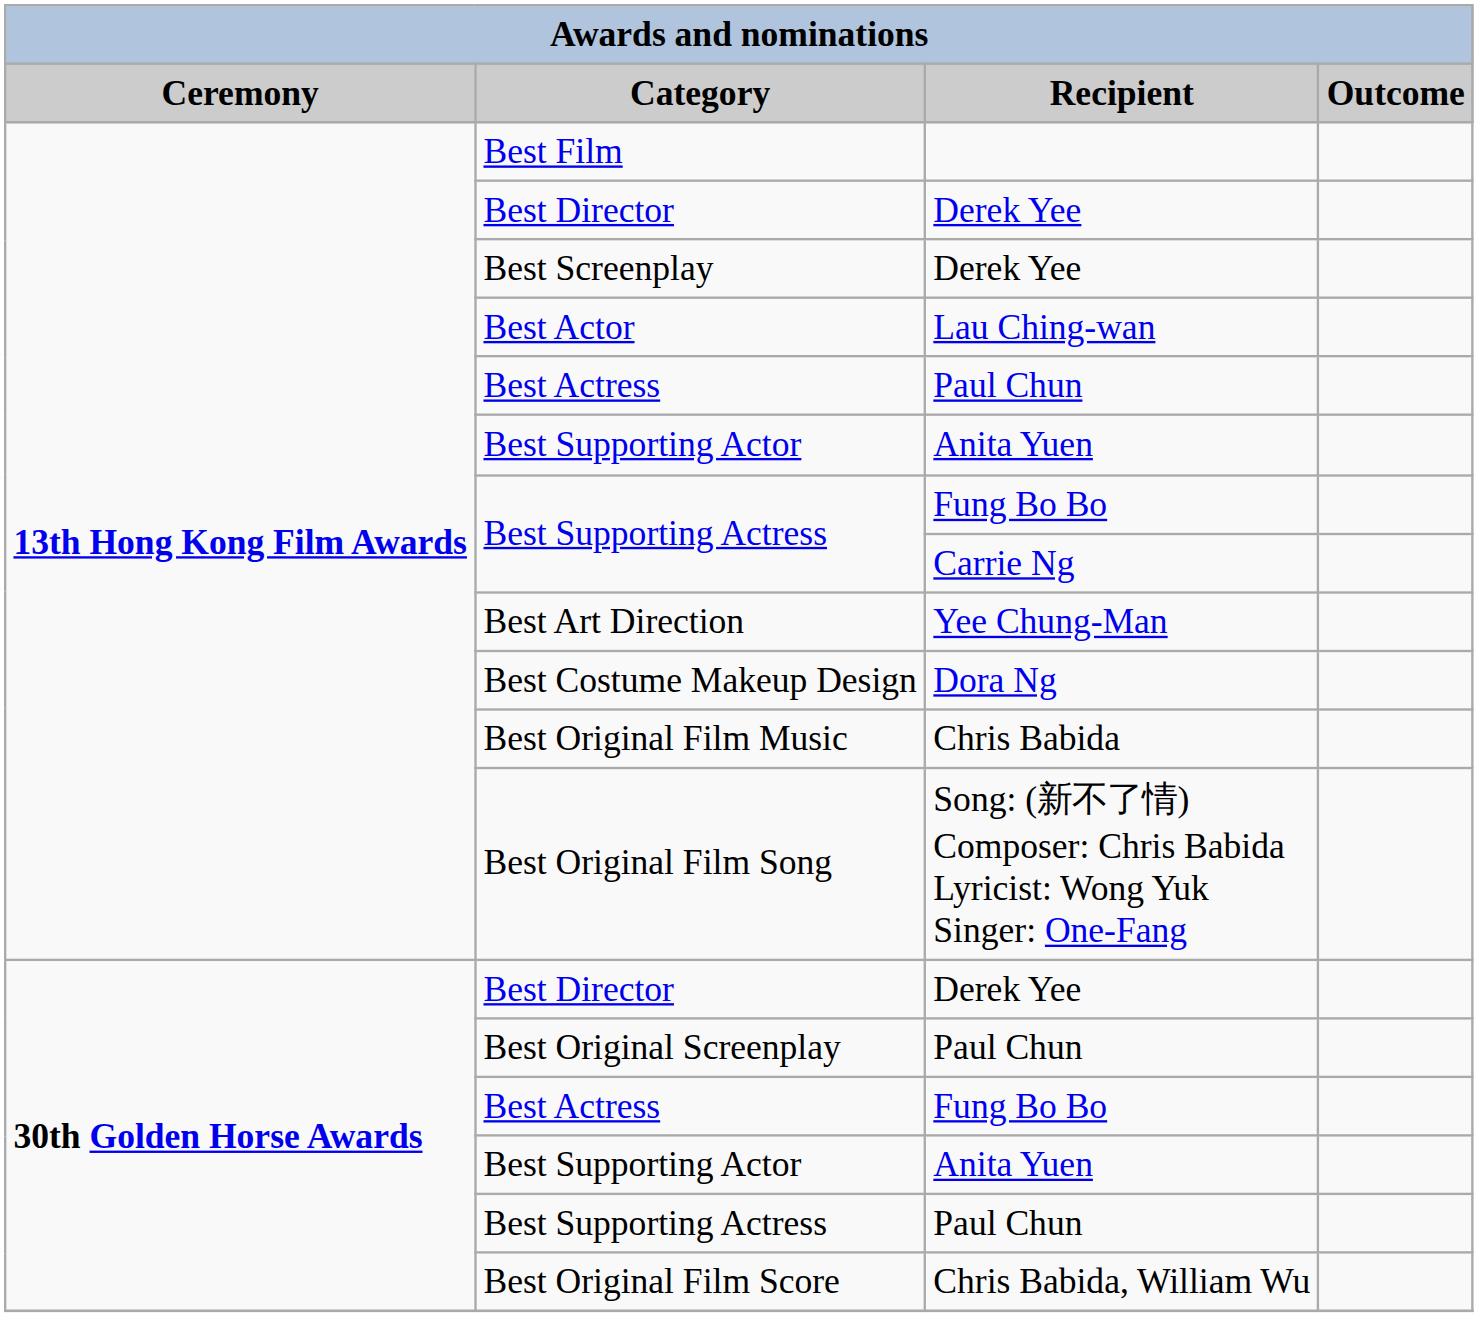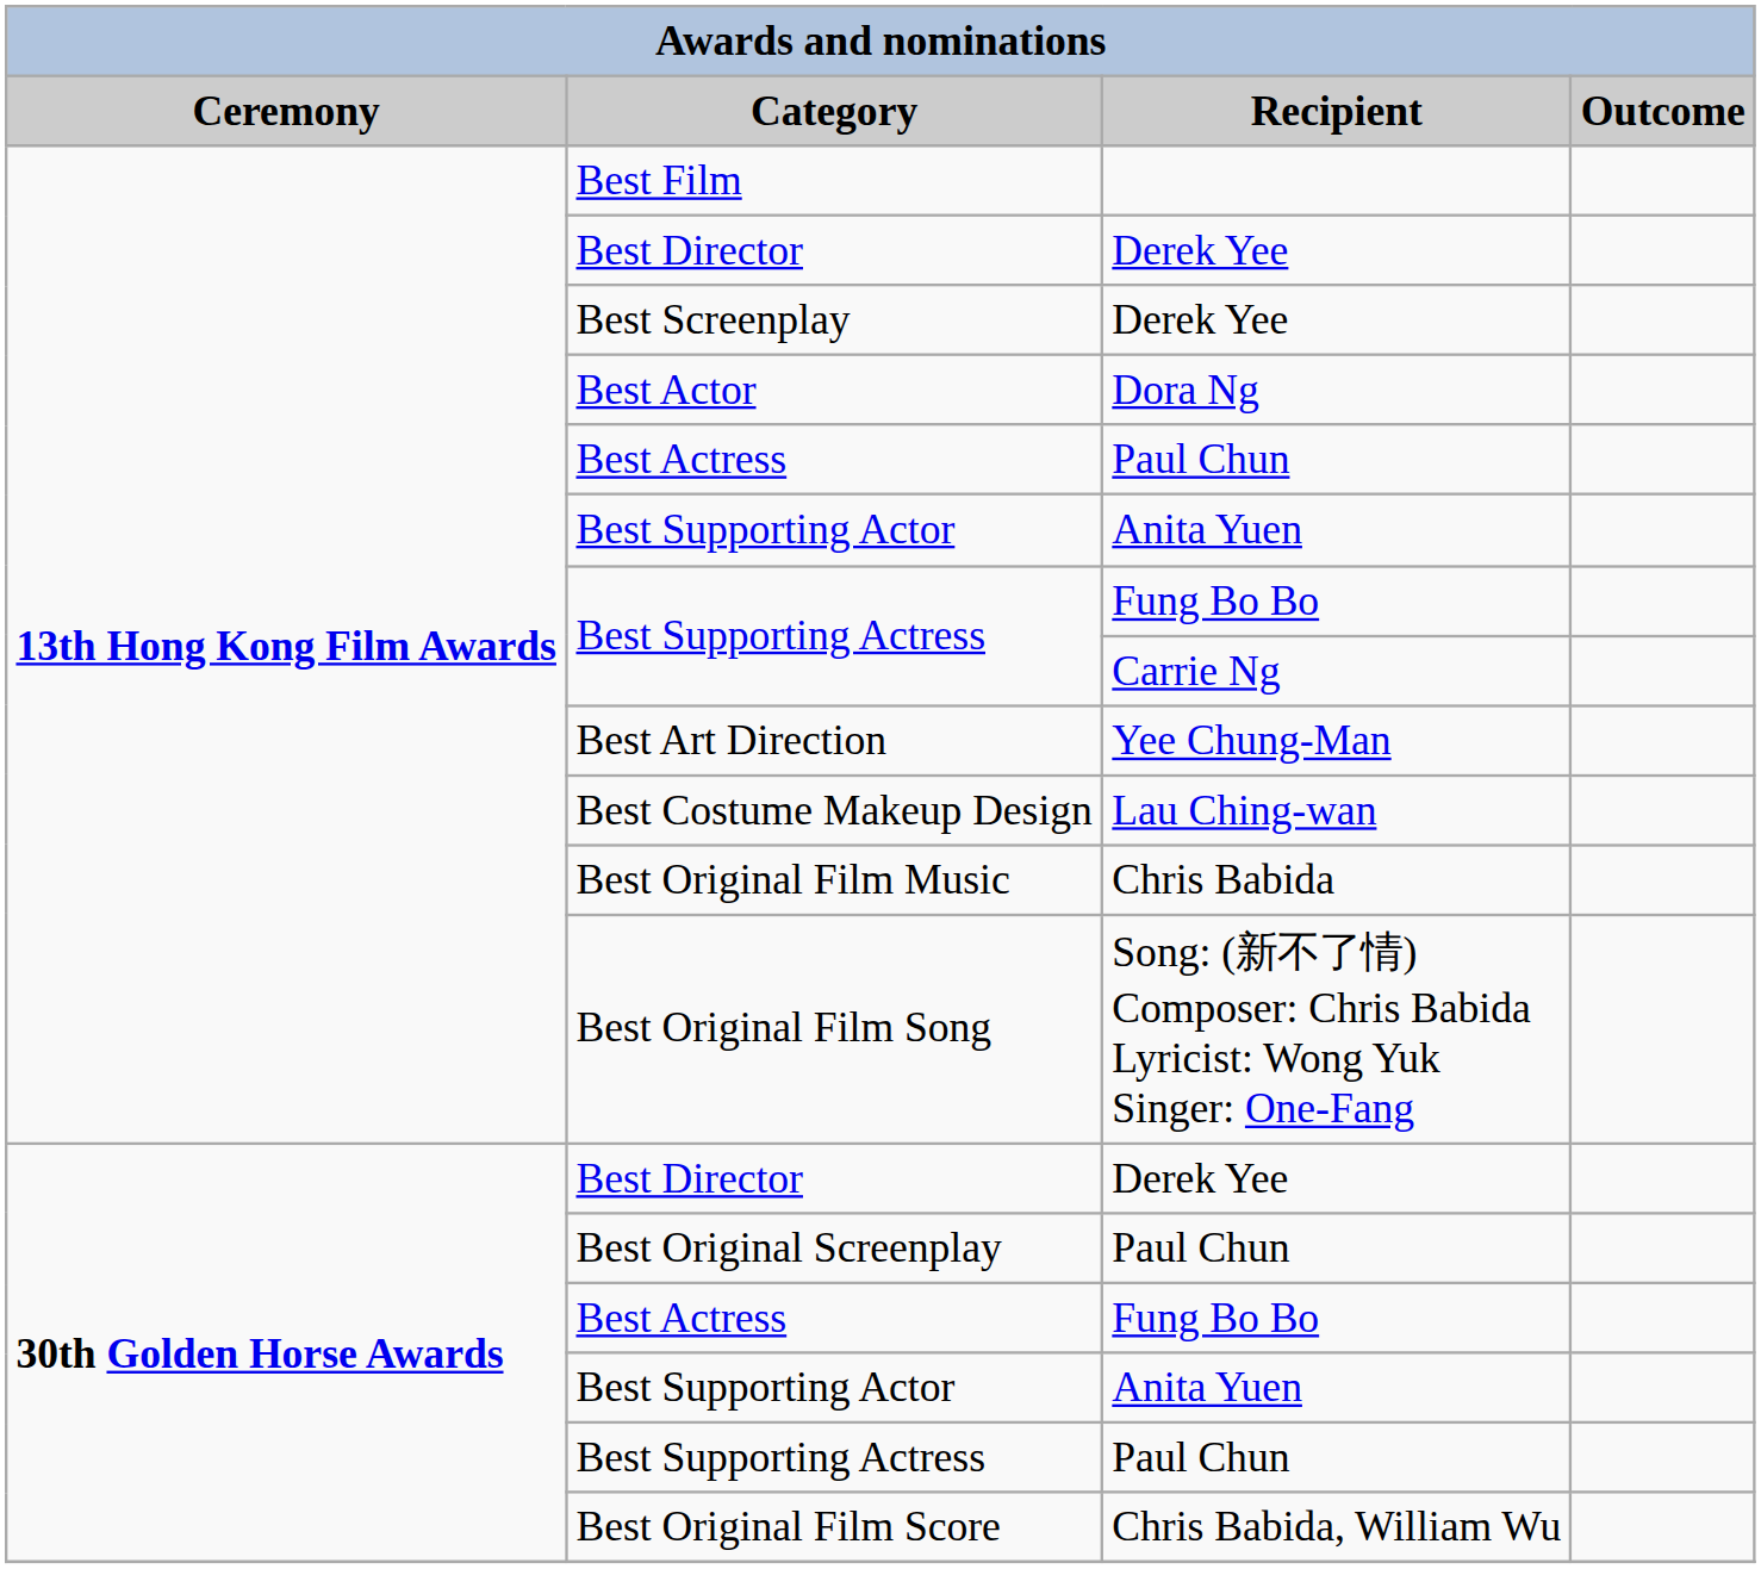 <table class="wikitable" style="font-size:95%;" ;>
 <tr style="background:#ccc; text-align:center;">
 <th colspan="4" style="background: LightSteelBlue;">Awards and nominations</th>
 </tr>
 <tr style="background:#ccc; text-align:center;">
 <th style="background:#ccc">Ceremony</th>
 <th style="background:#ccc">Category</th>
 <th style="background:#ccc">Recipient</th>
 <th style="background:#ccc">Outcome</th>
 </tr>
 <tr>
 <td rowspan=12><strong><a href='#'>13th Hong Kong Film Awards</a></strong></td>
 <td><a href='#'>Best Film</a></td>
 <td></td>
 <td></td>
 </tr>
 <tr>
 <td><a href='#'>Best Director</a></td>
 <td><a href='#'>Derek Yee</a></td>
 <td></td>
 </tr>
 <tr>
 <td>Best Screenplay</td>
 <td>Derek Yee</td>
 <td></td>
 </tr>
 <tr>
 <td><a href='#'>Best Actor</a></td>
-<td><a href='#'>Lau Ching-wan</a></td>
+<td><a href='#'>Dora Ng</a></td>
 <td></td>
 </tr>
 <tr>
 <td><a href='#'>Best Actress</a></td>
 <td><a href='#'>Paul Chun</a></td>
 <td></td>
 </tr>
 <tr>
 <td><a href='#'>Best Supporting Actor</a></td>
 <td><a href='#'>Anita Yuen</a></td>
 <td></td>
 </tr>
 <tr>
 <td rowspan=2><a href='#'>Best Supporting Actress</a></td>
 <td><a href='#'>Fung Bo Bo</a></td>
 <td></td>
 </tr>
 <tr>
 <td><a href='#'>Carrie Ng</a></td>
 <td></td>
 </tr>
 <tr>
 <td>Best Art Direction</td>
 <td><a href='#'>Yee Chung-Man</a></td>
 <td></td>
 </tr>
 <tr>
 <td>Best Costume Makeup Design</td>
-<td><a href='#'>Dora Ng</a></td>
+<td><a href='#'>Lau Ching-wan</a></td>
 <td></td>
 </tr>
 <tr>
 <td>Best Original Film Music</td>
 <td>Chris Babida</td>
 <td></td>
 </tr>
 <tr>
 <td>Best Original Film Song</td>
 <td>Song:  (新不了情)<br>Composer: Chris Babida <br>Lyricist: Wong Yuk <br>Singer: <a href='#'>One-Fang</a></td>
 <td></td>
 </tr>
 <tr>
 <td rowspan=6><strong>30th <a href='#'>Golden Horse Awards</a></strong></td>
 <td><a href='#'>Best Director</a></td>
 <td>Derek Yee</td>
 <td></td>
 </tr>
 <tr>
 <td>Best Original Screenplay</td>
 <td>Paul Chun</td>
 <td></td>
 </tr>
 <tr>
 <td><a href='#'>Best Actress</a></td>
 <td><a href='#'>Fung Bo Bo</a></td>
 <td></td>
 </tr>
 <tr>
 <td>Best Supporting Actor</td>
 <td><a href='#'>Anita Yuen</a></td>
 <td></td>
 </tr>
 <tr>
 <td>Best Supporting Actress</td>
 <td>Paul Chun</td>
 <td></td>
 </tr>
 <tr>
 <td>Best Original Film Score</td>
 <td>Chris Babida, William Wu</td>
 <td></td>
 </tr>
 <tr>
 </tr>
 </table>
